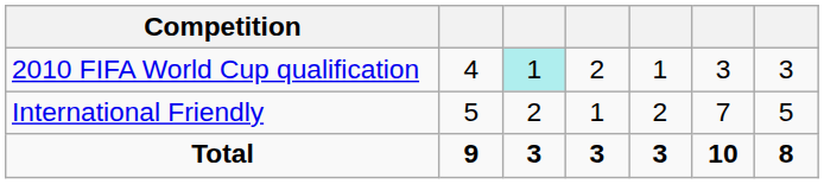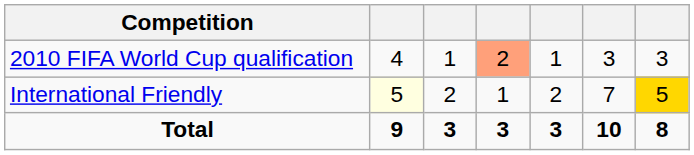 <table class="wikitable" style="text-align: center;">
 <tr>
 <th width=250>Competition</th>
 <th width=30></th>
 <th width=30></th>
 <th width=30></th>
 <th width=30></th>
 <th width=30></th>
 <th width=30></th>
 </tr>
 <tr>
 <td align="left"><a href='#'>2010 FIFA World Cup qualification</a></td>
 <td>4</td>
-<td style="background: paleturquoise;">1</td>
-<td>2</td>
+<td>1</td>
+<td style="background: lightsalmon;">2</td>
 <td>1</td>
 <td>3</td>
 <td>3</td>
 </tr>
 <tr>
 <td align="left"><a href='#'>International Friendly</a></td>
-<td>5</td>
+<td style="background: lightyellow;">5</td>
 <td>2</td>
 <td>1</td>
 <td>2</td>
 <td>7</td>
-<td>5</td>
+<td style="background: gold;">5</td>
 </tr>
 <tr>
 <td><strong>Total</strong></td>
 <td><strong>9</strong></td>
 <td><strong>3</strong></td>
 <td><strong>3</strong></td>
 <td><strong>3</strong></td>
 <td><strong>10</strong></td>
 <td><strong>8</strong></td>
 </tr>
 </table>
